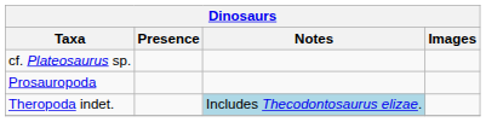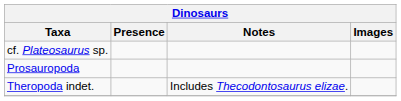 <table class="wikitable" align="center">
 <tr>
 <th colspan="5" align="center"><strong><a href='#'>Dinosaurs</a></strong></th>
 </tr>
 <tr>
 <th>Taxa</th>
 <th>Presence</th>
 <th>Notes</th>
 <th>Images</th>
 </tr>
 <tr>
 <td>cf. <em><a href='#'>Plateosaurus</a></em> sp.</td>
 <td></td>
 <td></td>
 <td></td>
 </tr>
 <tr>
 <td><a href='#'>Prosauropoda</a></td>
 <td></td>
 <td></td>
 <td></td>
 </tr>
 <tr>
 <td><a href='#'>Theropoda</a> indet.</td>
 <td></td>
-<td style="background: lightblue;">Includes <em><a href='#'>Thecodontosaurus elizae</a></em>.</td>
+<td>Includes <em><a href='#'>Thecodontosaurus elizae</a></em>.</td>
 <td></td>
 </tr>
 <tr>
 </tr>
 </table>
